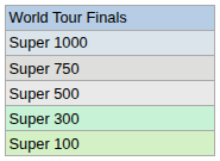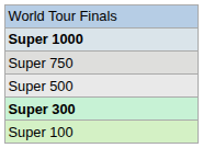 <table class=wikitable style=font-size:80%;width:20%>
 <tr bgcolor=#B6CDE5>
 <td>World Tour Finals</td>
 </tr>
 <tr bgcolor=#DAE4EA>
-<td>Super 1000</td>
+<td><strong>Super 1000</strong></td>
 </tr>
 <tr bgcolor=#DEDEDC>
 <td>Super 750</td>
 </tr>
 <tr bgcolor=#E9E9E9>
 <td>Super 500</td>
 </tr>
 <tr bgcolor=#C7F2D5>
-<td>Super 300</td>
+<td><strong>Super 300</strong></td>
 </tr>
 <tr bgcolor=#D4F1C5>
 <td>Super 100</td>
 </tr>
 </table>
